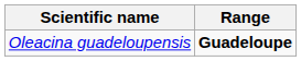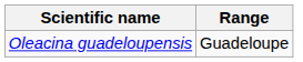 <table class="wikitable sortable">
 <tr>
 <th>Scientific name</th>
 <th>Range</th>
 </tr>
 <tr>
 <td><em><a href='#'>Oleacina guadeloupensis</a></em></td>
-<td><strong>Guadeloupe</strong></td>
+<td>Guadeloupe</td>
 </tr>
 </table>
